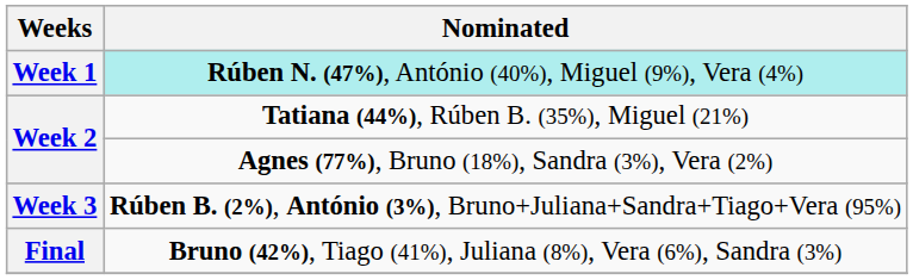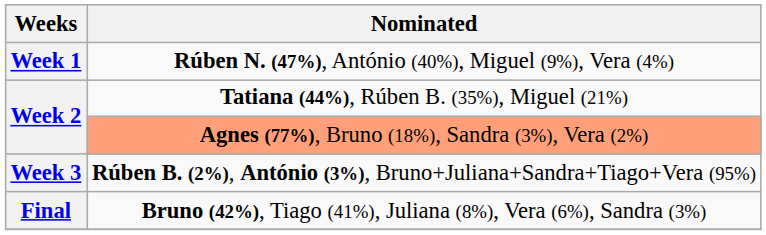 <table class="wikitable" style="font-size:90%; text-align:center; margin-left: auto; margin-right: auto">
 <tr>
 <th>Weeks</th>
 <th>Nominated</th>
 </tr>
 <tr>
 <th><a href='#'>Week 1</a></th>
-<td style="background: paleturquoise;"><strong>Rúben N. <small>(47%)</small></strong>, António <small>(40%)</small>, Miguel <small>(9%)</small>, Vera <small>(4%)</small></td>
+<td><strong>Rúben N. <small>(47%)</small></strong>, António <small>(40%)</small>, Miguel <small>(9%)</small>, Vera <small>(4%)</small></td>
 </tr>
 <tr>
 <th rowspan=2><a href='#'>Week 2</a></th>
 <td><strong>Tatiana <small>(44%)</small></strong>, Rúben B. <small>(35%)</small>, Miguel <small>(21%)</small></td>
 </tr>
 <tr>
-<td><strong>Agnes <small>(77%)</small></strong>, Bruno <small>(18%)</small>, Sandra <small>(3%)</small>, Vera <small>(2%)</small></td>
+<td style="background: lightsalmon;"><strong>Agnes <small>(77%)</small></strong>, Bruno <small>(18%)</small>, Sandra <small>(3%)</small>, Vera <small>(2%)</small></td>
 </tr>
 <tr>
 <th><a href='#'>Week 3</a></th>
 <td><strong>Rúben B. <small>(2%)</small></strong>, <strong>António <small>(3%)</small></strong>, Bruno+Juliana+Sandra+Tiago+Vera <small>(95%)</small></td>
 </tr>
 <tr>
 <th><a href='#'>Final</a></th>
 <td><strong>Bruno <small>(42%)</small></strong>, Tiago <small>(41%)</small>, Juliana <small>(8%)</small>, Vera <small>(6%)</small>, Sandra <small>(3%)</small></td>
 </tr>
 <tr>
 </tr>
 </table>
